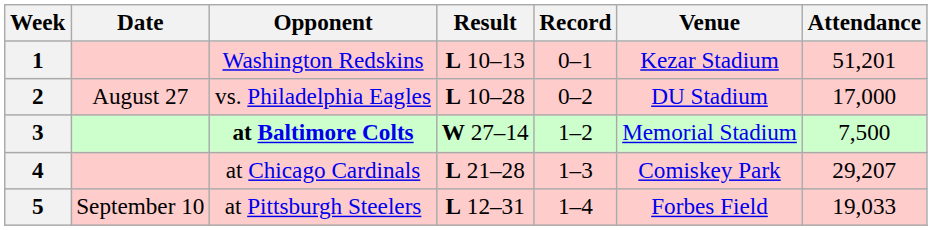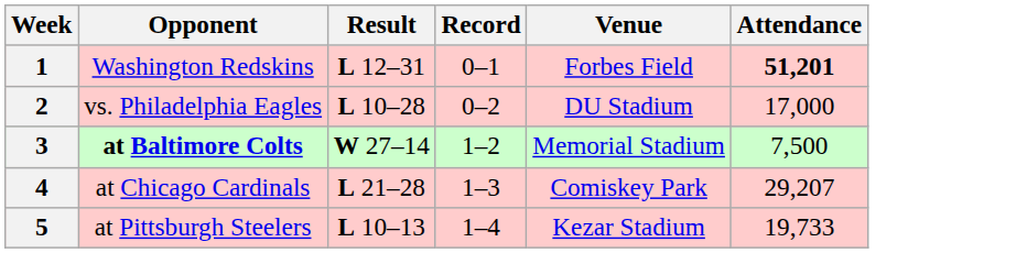 <table class="wikitable" style="text-align:center">
 <tr>
 <th>Week</th>
-<th>Date</th>
 <th>Opponent</th>
 <th>Result</th>
 <th>Record</th>
 <th>Venue</th>
 <th>Attendance</th>
 </tr>
 <tr style="background:#fcc">
 <th>1</th>
-<td></td>
 <td><a href='#'>Washington Redskins</a></td>
-<td><strong>L</strong> 10–13</td>
+<td><strong>L</strong> 12–31</td>
 <td>0–1</td>
-<td><a href='#'>Kezar Stadium</a></td>
-<td>51,201</td>
+<td><a href='#'>Forbes Field</a></td>
+<td><strong>51,201</strong></td>
 </tr>
 <tr style="background:#fcc">
 <th>2</th>
-<td>August 27</td>
 <td>vs. <a href='#'>Philadelphia Eagles</a></td>
 <td><strong>L</strong> 10–28</td>
 <td>0–2</td>
 <td><a href='#'>DU Stadium</a></td>
 <td>17,000</td>
 </tr>
 <tr style="background:#cfc">
 <th>3</th>
-<td></td>
 <td><strong>at <a href='#'>Baltimore Colts</a></strong></td>
 <td><strong>W</strong> 27–14</td>
 <td>1–2</td>
 <td><a href='#'>Memorial Stadium</a></td>
 <td>7,500</td>
 </tr>
 <tr style="background:#fcc">
 <th>4</th>
-<td></td>
 <td>at <a href='#'>Chicago Cardinals</a></td>
 <td><strong>L</strong> 21–28</td>
 <td>1–3</td>
 <td><a href='#'>Comiskey Park</a></td>
 <td>29,207</td>
 </tr>
 <tr style="background:#fcc">
 <th>5</th>
-<td>September 10</td>
 <td>at <a href='#'>Pittsburgh Steelers</a></td>
-<td><strong>L</strong> 12–31</td>
+<td><strong>L</strong> 10–13</td>
 <td>1–4</td>
-<td><a href='#'>Forbes Field</a></td>
-<td>19,033</td>
+<td><a href='#'>Kezar Stadium</a></td>
+<td>19,733</td>
 </tr>
 </table>
